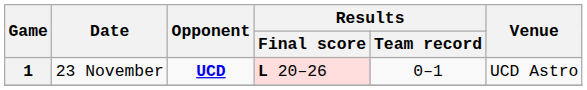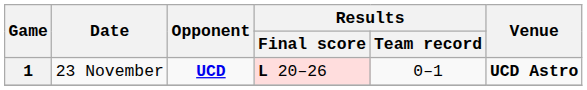 <table class="wikitable">
 <tr>
 <th rowspan="2">Game</th>
 <th rowspan="2">Date</th>
 <th rowspan="2">Opponent</th>
 <th colspan="2">Results</th>
 <th rowspan="2">Venue</th>
 </tr>
 <tr>
 <th>Final score</th>
 <th>Team record</th>
 </tr>
 <tr>
 <th>1</th>
 <td>23 November</td>
 <td style="text-align:center;"><strong><a href='#'>UCD</a></strong></td>
 <td style="background:#fdd;"><strong>L</strong> 20–26</td>
 <td style="text-align:center;">0–1</td>
-<td style="text-align:center;">UCD Astro</td>
+<td style="text-align:center;"><strong>UCD Astro</strong></td>
 </tr>
 <tr>
 </tr>
 </table>
